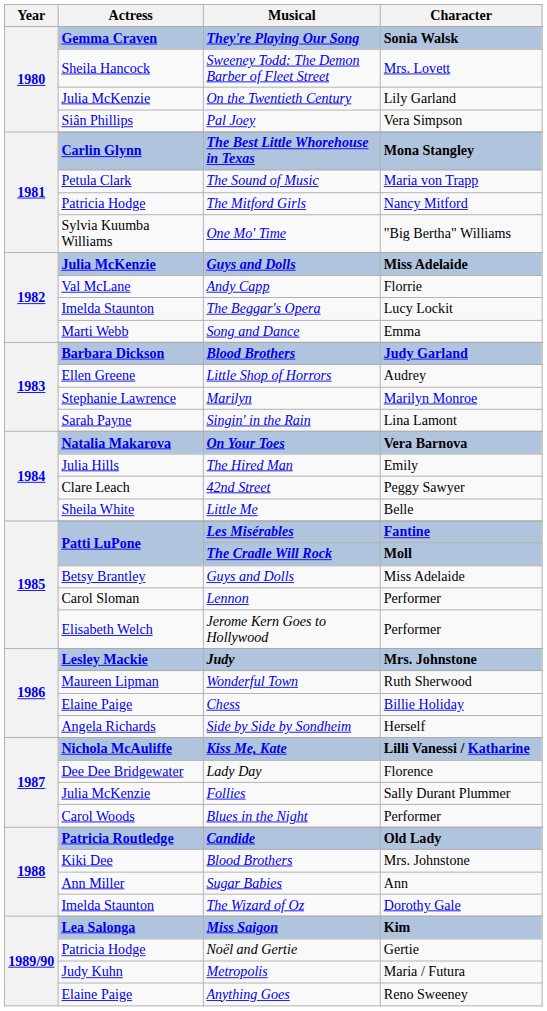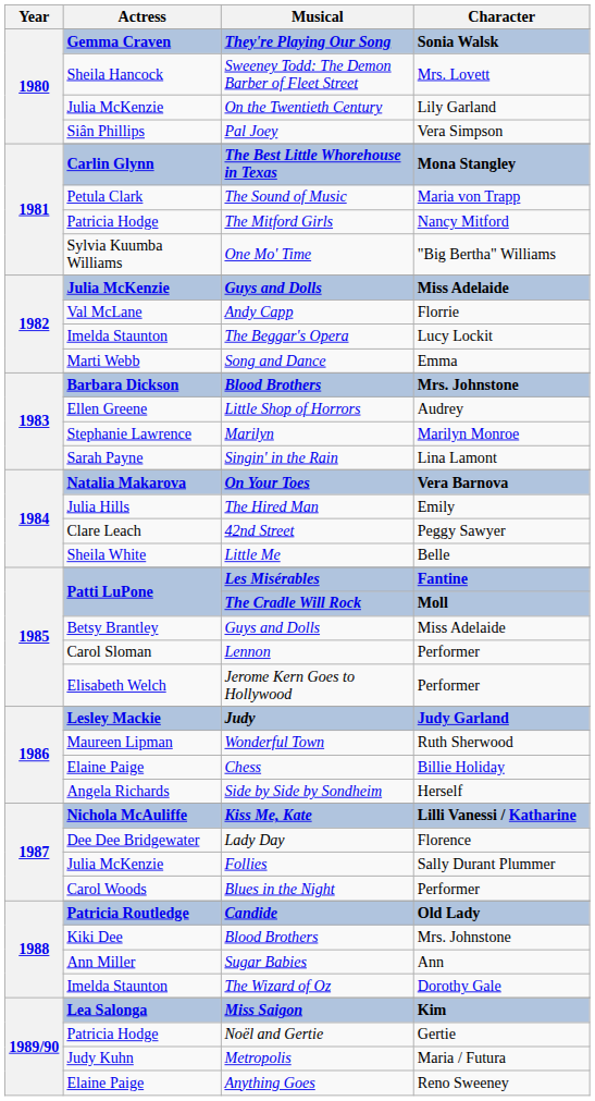 <table class="wikitable" style="width:98%;">
 <tr style="background:#bebebe;">
 <th style="width:10%;">Year</th>
 <th style="width:27%;">Actress</th>
 <th style="width:33%;">Musical</th>
 <th style="width:30%;">Character</th>
 </tr>
 <tr>
 <th rowspan="5" align="center"><a href='#'>1980</a></th>
 </tr>
 <tr style="background:#B0C4DE">
 <td><strong><a href='#'>Gemma Craven</a></strong></td>
 <td><strong><em><a href='#'>They're Playing Our Song</a></em></strong></td>
 <td><strong>Sonia Walsk</strong></td>
 </tr>
 <tr>
 <td><a href='#'>Sheila Hancock</a></td>
 <td><em><a href='#'>Sweeney Todd: The Demon Barber of Fleet Street</a></em></td>
 <td><a href='#'>Mrs. Lovett</a></td>
 </tr>
 <tr>
 <td><a href='#'>Julia McKenzie</a></td>
 <td><em><a href='#'>On the Twentieth Century</a></em></td>
 <td>Lily Garland</td>
 </tr>
 <tr>
 <td><a href='#'>Siân Phillips</a></td>
 <td><em><a href='#'>Pal Joey</a></em></td>
 <td>Vera Simpson</td>
 </tr>
 <tr>
 <th rowspan="5" align="center"><a href='#'>1981</a></th>
 </tr>
 <tr style="background:#B0C4DE">
 <td><strong><a href='#'>Carlin Glynn</a></strong></td>
 <td><strong><em><a href='#'>The Best Little Whorehouse in Texas</a></em></strong></td>
 <td><strong>Mona Stangley</strong></td>
 </tr>
 <tr>
 <td><a href='#'>Petula Clark</a></td>
 <td><em><a href='#'>The Sound of Music</a></em></td>
 <td><a href='#'>Maria von Trapp</a></td>
 </tr>
 <tr>
 <td><a href='#'>Patricia Hodge</a></td>
 <td><em><a href='#'>The Mitford Girls</a></em></td>
 <td><a href='#'>Nancy Mitford</a></td>
 </tr>
 <tr>
 <td>Sylvia Kuumba Williams</td>
 <td><em><a href='#'>One Mo' Time</a></em></td>
 <td>"Big Bertha" Williams</td>
 </tr>
 <tr>
 <th rowspan="5" align="center"><a href='#'>1982</a></th>
 </tr>
 <tr style="background:#B0C4DE">
 <td><strong><a href='#'>Julia McKenzie</a></strong></td>
 <td><strong><em><a href='#'>Guys and Dolls</a></em></strong></td>
 <td><strong>Miss Adelaide</strong></td>
 </tr>
 <tr>
 <td><a href='#'>Val McLane</a></td>
 <td><em><a href='#'>Andy Capp</a></em></td>
 <td>Florrie</td>
 </tr>
 <tr>
 <td><a href='#'>Imelda Staunton</a></td>
 <td><em><a href='#'>The Beggar's Opera</a></em></td>
 <td>Lucy Lockit</td>
 </tr>
 <tr>
 <td><a href='#'>Marti Webb</a></td>
 <td><em><a href='#'>Song and Dance</a></em></td>
 <td>Emma</td>
 </tr>
 <tr>
 <th rowspan="5" align="center"><a href='#'>1983</a></th>
 </tr>
 <tr style="background:#B0C4DE">
 <td><strong><a href='#'>Barbara Dickson</a></strong></td>
 <td><strong><em><a href='#'>Blood Brothers</a></em></strong></td>
-<td><strong><a href='#'>Judy Garland</a></strong></td>
+<td><strong>Mrs. Johnstone</strong></td>
 </tr>
 <tr>
 <td><a href='#'>Ellen Greene</a></td>
 <td><em><a href='#'>Little Shop of Horrors</a></em></td>
 <td>Audrey</td>
 </tr>
 <tr>
 <td><a href='#'>Stephanie Lawrence</a></td>
 <td><em><a href='#'>Marilyn</a></em></td>
 <td><a href='#'>Marilyn Monroe</a></td>
 </tr>
 <tr>
 <td><a href='#'>Sarah Payne</a></td>
 <td><em><a href='#'>Singin' in the Rain</a></em></td>
 <td>Lina Lamont</td>
 </tr>
 <tr>
 <th rowspan="5" align="center"><a href='#'>1984</a></th>
 </tr>
 <tr style="background:#B0C4DE">
 <td><strong><a href='#'>Natalia Makarova</a></strong></td>
 <td><strong><em><a href='#'>On Your Toes</a></em></strong></td>
 <td><strong>Vera Barnova</strong></td>
 </tr>
 <tr>
 <td><a href='#'>Julia Hills</a></td>
 <td><em><a href='#'>The Hired Man</a></em></td>
 <td>Emily</td>
 </tr>
 <tr>
 <td>Clare Leach</td>
 <td><em><a href='#'>42nd Street</a></em></td>
 <td>Peggy Sawyer</td>
 </tr>
 <tr>
 <td><a href='#'>Sheila White</a></td>
 <td><em><a href='#'>Little Me</a></em></td>
 <td>Belle</td>
 </tr>
 <tr>
 <th rowspan="6" align="center"><a href='#'>1985</a></th>
 </tr>
 <tr style="background:#B0C4DE">
 <td rowspan="2"><strong><a href='#'>Patti LuPone</a></strong></td>
 <td><strong><em><a href='#'>Les Misérables</a></em></strong></td>
 <td><strong><a href='#'>Fantine</a></strong></td>
 </tr>
 <tr style="background:#B0C4DE">
 <td><strong><em><a href='#'>The Cradle Will Rock</a></em></strong></td>
 <td><strong>Moll</strong></td>
 </tr>
 <tr>
 <td><a href='#'>Betsy Brantley</a></td>
 <td><em><a href='#'>Guys and Dolls</a></em></td>
 <td>Miss Adelaide</td>
 </tr>
 <tr>
 <td>Carol Sloman</td>
 <td><em><a href='#'>Lennon</a></em></td>
 <td>Performer</td>
 </tr>
 <tr>
 <td><a href='#'>Elisabeth Welch</a></td>
 <td><em>Jerome Kern Goes to Hollywood</em></td>
 <td>Performer</td>
 </tr>
 <tr>
 <th rowspan="5" align="center"><a href='#'>1986</a></th>
 </tr>
 <tr style="background:#B0C4DE">
 <td><strong><a href='#'>Lesley Mackie</a></strong></td>
 <td><strong><em>Judy</em></strong></td>
-<td><strong>Mrs. Johnstone</strong></td>
+<td><strong><a href='#'>Judy Garland</a></strong></td>
 </tr>
 <tr>
 <td><a href='#'>Maureen Lipman</a></td>
 <td><em><a href='#'>Wonderful Town</a></em></td>
 <td>Ruth Sherwood</td>
 </tr>
 <tr>
 <td><a href='#'>Elaine Paige</a></td>
 <td><em><a href='#'>Chess</a></em></td>
 <td><a href='#'>Billie Holiday</a></td>
 </tr>
 <tr>
 <td><a href='#'>Angela Richards</a></td>
 <td><em><a href='#'>Side by Side by Sondheim</a></em></td>
 <td>Herself</td>
 </tr>
 <tr>
 <th rowspan="5" align="center"><a href='#'>1987</a></th>
 </tr>
 <tr style="background:#B0C4DE">
 <td><strong><a href='#'>Nichola McAuliffe</a></strong></td>
 <td><strong><em><a href='#'>Kiss Me, Kate</a></em></strong></td>
 <td><strong>Lilli Vanessi / <a href='#'>Katharine</a></strong></td>
 </tr>
 <tr>
 <td><a href='#'>Dee Dee Bridgewater</a></td>
 <td><em>Lady Day</em></td>
 <td>Florence</td>
 </tr>
 <tr>
 <td><a href='#'>Julia McKenzie</a></td>
 <td><em><a href='#'>Follies</a></em></td>
 <td>Sally Durant Plummer</td>
 </tr>
 <tr>
 <td><a href='#'>Carol Woods</a></td>
 <td><em><a href='#'>Blues in the Night</a></em></td>
 <td>Performer</td>
 </tr>
 <tr>
 <th rowspan="5" align="center"><a href='#'>1988</a></th>
 </tr>
 <tr style="background:#B0C4DE">
 <td><strong><a href='#'>Patricia Routledge</a></strong></td>
 <td><strong><em><a href='#'>Candide</a></em></strong></td>
 <td><strong>Old Lady</strong></td>
 </tr>
 <tr>
 <td><a href='#'>Kiki Dee</a></td>
 <td><em><a href='#'>Blood Brothers</a></em></td>
 <td>Mrs. Johnstone</td>
 </tr>
 <tr>
 <td><a href='#'>Ann Miller</a></td>
 <td><em><a href='#'>Sugar Babies</a></em></td>
 <td>Ann</td>
 </tr>
 <tr>
 <td><a href='#'>Imelda Staunton</a></td>
 <td><em><a href='#'>The Wizard of Oz</a></em></td>
 <td><a href='#'>Dorothy Gale</a></td>
 </tr>
 <tr>
 <th rowspan="5" align="center"><a href='#'>1989/90</a></th>
 </tr>
 <tr style="background:#B0C4DE">
 <td><strong><a href='#'>Lea Salonga</a></strong></td>
 <td><strong><em><a href='#'>Miss Saigon</a></em></strong></td>
 <td><strong>Kim</strong></td>
 </tr>
 <tr>
 <td><a href='#'>Patricia Hodge</a></td>
 <td><em>Noël and Gertie</em></td>
 <td>Gertie</td>
 </tr>
 <tr>
 <td><a href='#'>Judy Kuhn</a></td>
 <td><em><a href='#'>Metropolis</a></em></td>
 <td>Maria / Futura</td>
 </tr>
 <tr>
 <td><a href='#'>Elaine Paige</a></td>
 <td><em><a href='#'>Anything Goes</a></em></td>
 <td>Reno Sweeney</td>
 </tr>
 </table>
